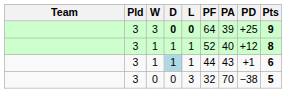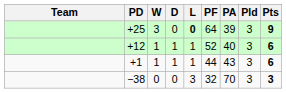 <table class="wikitable" style="text-align:center;">
 <tr>
 <th width=175>Team</th>
-<th width=20 abbr="Played">Pld</th>
+<th width=25 abbr="Points difference">PD</th>
 <th width=20 abbr="Won">W</th>
 <th width=20 abbr="Drawn">D</th>
 <th width=20 abbr="Lost">L</th>
 <th width=20 abbr="Points for">PF</th>
 <th width=20 abbr="Points against">PA</th>
-<th width=25 abbr="Points difference">PD</th>
+<th width=20 abbr="Played">Pld</th>
 <th width=20 abbr="Points">Pts</th>
 </tr>
 <tr bgcolor=ccffcc>
 <td align=left></td>
+<td>+25</td>
 <td>3</td>
-<td>3</td>
-<td><strong>0</strong></td>
+<td>0</td>
 <td><strong>0</strong></td>
 <td>64</td>
 <td>39</td>
-<td>+25</td>
+<td>3</td>
 <td><strong>9</strong></td>
 </tr>
 <tr bgcolor=ccffcc>
 <td align=left></td>
-<td>3</td>
+<td>+12</td>
 <td>1</td>
 <td>1</td>
 <td>1</td>
 <td>52</td>
 <td>40</td>
-<td>+12</td>
-<td><strong>8</strong></td>
-</tr>
-<tr>
-<td align=left></td>
 <td>3</td>
-<td>1</td>
-<td style="background: lightblue;">1</td>
-<td>1</td>
-<td>44</td>
-<td>43</td>
-<td>+1</td>
 <td><strong>6</strong></td>
 </tr>
 <tr>
 <td align=left></td>
+<td>+1</td>
+<td>1</td>
+<td>1</td>
+<td>1</td>
+<td>44</td>
+<td>43</td>
 <td>3</td>
+<td><strong>6</strong></td>
+</tr>
+<tr>
+<td align=left></td>
+<td>−38</td>
 <td>0</td>
 <td>0</td>
 <td>3</td>
 <td>32</td>
 <td>70</td>
-<td>−38</td>
-<td><strong>5</strong></td>
+<td>3</td>
+<td><strong>3</strong></td>
 </tr>
 </table>
